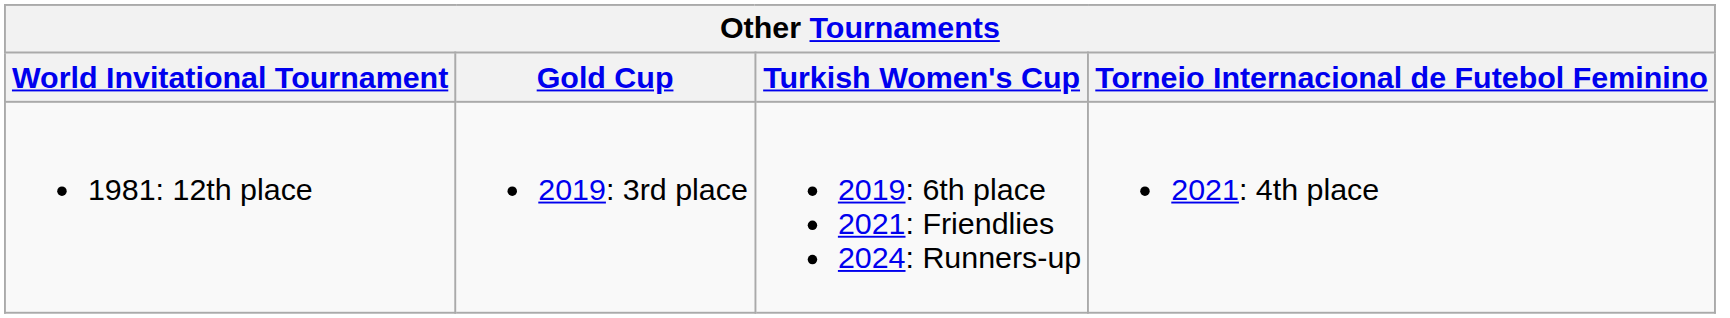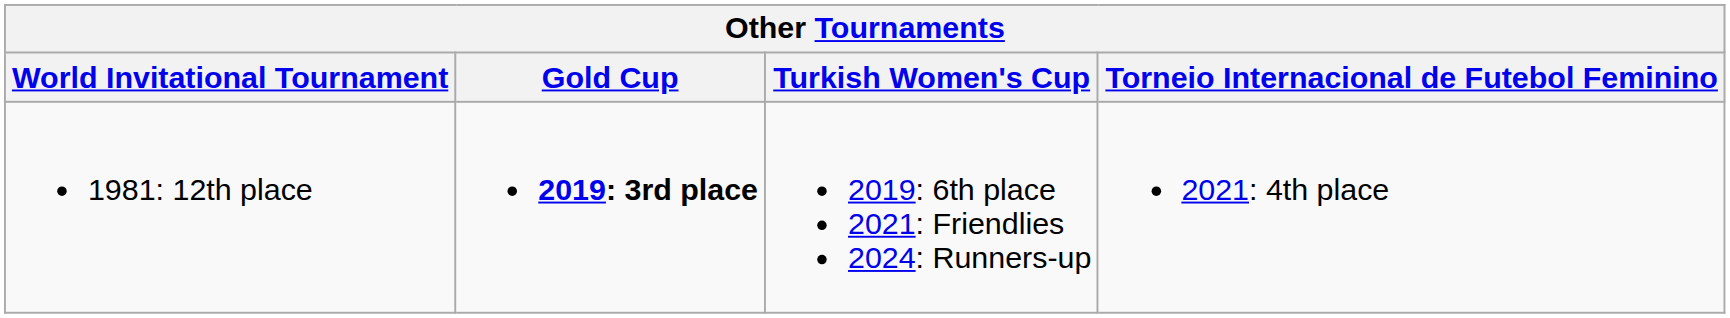 <table class="wikitable">
 <tr style="background:#ccc;">
 <th colspan=4>Other <a href='#'>Tournaments</a></th>
 </tr>
 <tr style="background:#ccc;">
 <th><a href='#'>World Invitational Tournament</a></th>
 <th><a href='#'>Gold Cup</a></th>
 <th><a href='#'>Turkish Women's Cup</a></th>
 <th><a href='#'>Torneio Internacional de Futebol Feminino</a></th>
 </tr>
 <tr>
 <td style="vertical-align:top;"><br><ul><li> 1981: 12th place</li></ul></td>
-<td style="vertical-align:top;"><br><ul><li> <a href='#'>2019</a>: 3rd place</li></ul></td>
+<td style="vertical-align:top;"><strong><br><ul><li> <a href='#'>2019</a>: 3rd place</li></ul></strong></td>
 <td style="vertical-align:top;"><br><ul><li> <a href='#'>2019</a>: 6th place</li><li> <a href='#'>2021</a>: Friendlies</li><li> <a href='#'>2024</a>:  Runners-up</li></ul></td>
 <td style="vertical-align:top;"><br><ul><li> <a href='#'>2021</a>: 4th place</li></ul></td>
 </tr>
 </table>
